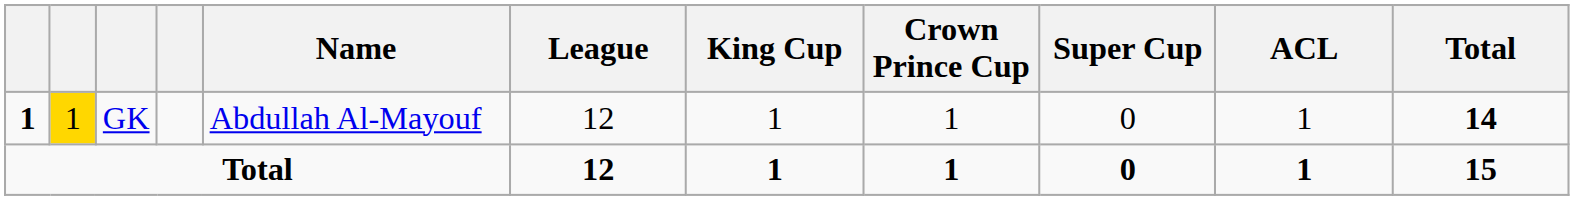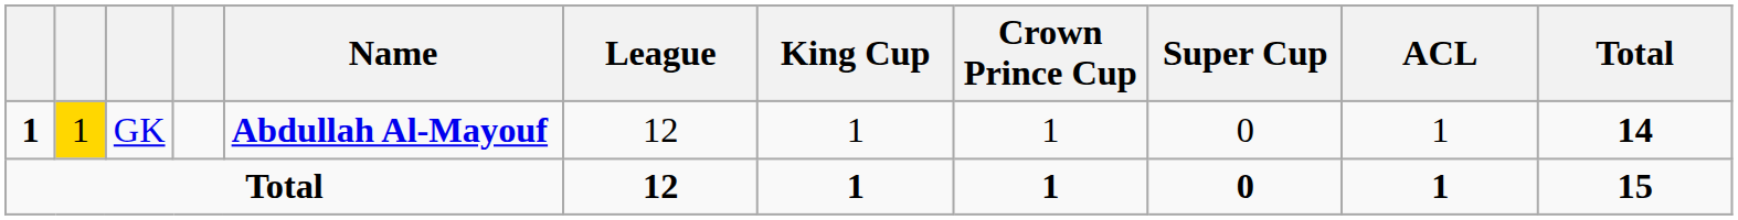 <table class="wikitable" style="text-align:center">
 <tr>
 <th width=15></th>
 <th width=15></th>
 <th width=15></th>
 <th width=15></th>
 <th width=145>Name</th>
 <th width=80>League</th>
 <th width=80>King Cup</th>
 <th width=80>Crown Prince Cup</th>
 <th width=80>Super Cup</th>
 <th width=80>ACL</th>
 <th width=80>Total</th>
 </tr>
 <tr>
 <td><strong>1</strong></td>
 <td style="background: gold;">1</td>
 <td><a href='#'>GK</a></td>
 <td></td>
-<td align=left><a href='#'>Abdullah Al-Mayouf</a></td>
+<td align=left><strong><a href='#'>Abdullah Al-Mayouf</a></strong></td>
 <td>12</td>
 <td>1</td>
 <td>1</td>
 <td>0</td>
 <td>1</td>
 <td><strong>14</strong></td>
 </tr>
 <tr>
 <td colspan=5><strong>Total</strong></td>
 <td><strong>12</strong></td>
 <td><strong>1</strong></td>
 <td><strong>1</strong></td>
 <td><strong>0</strong></td>
 <td><strong>1</strong></td>
 <td><strong>15</strong></td>
 </tr>
 </table>
